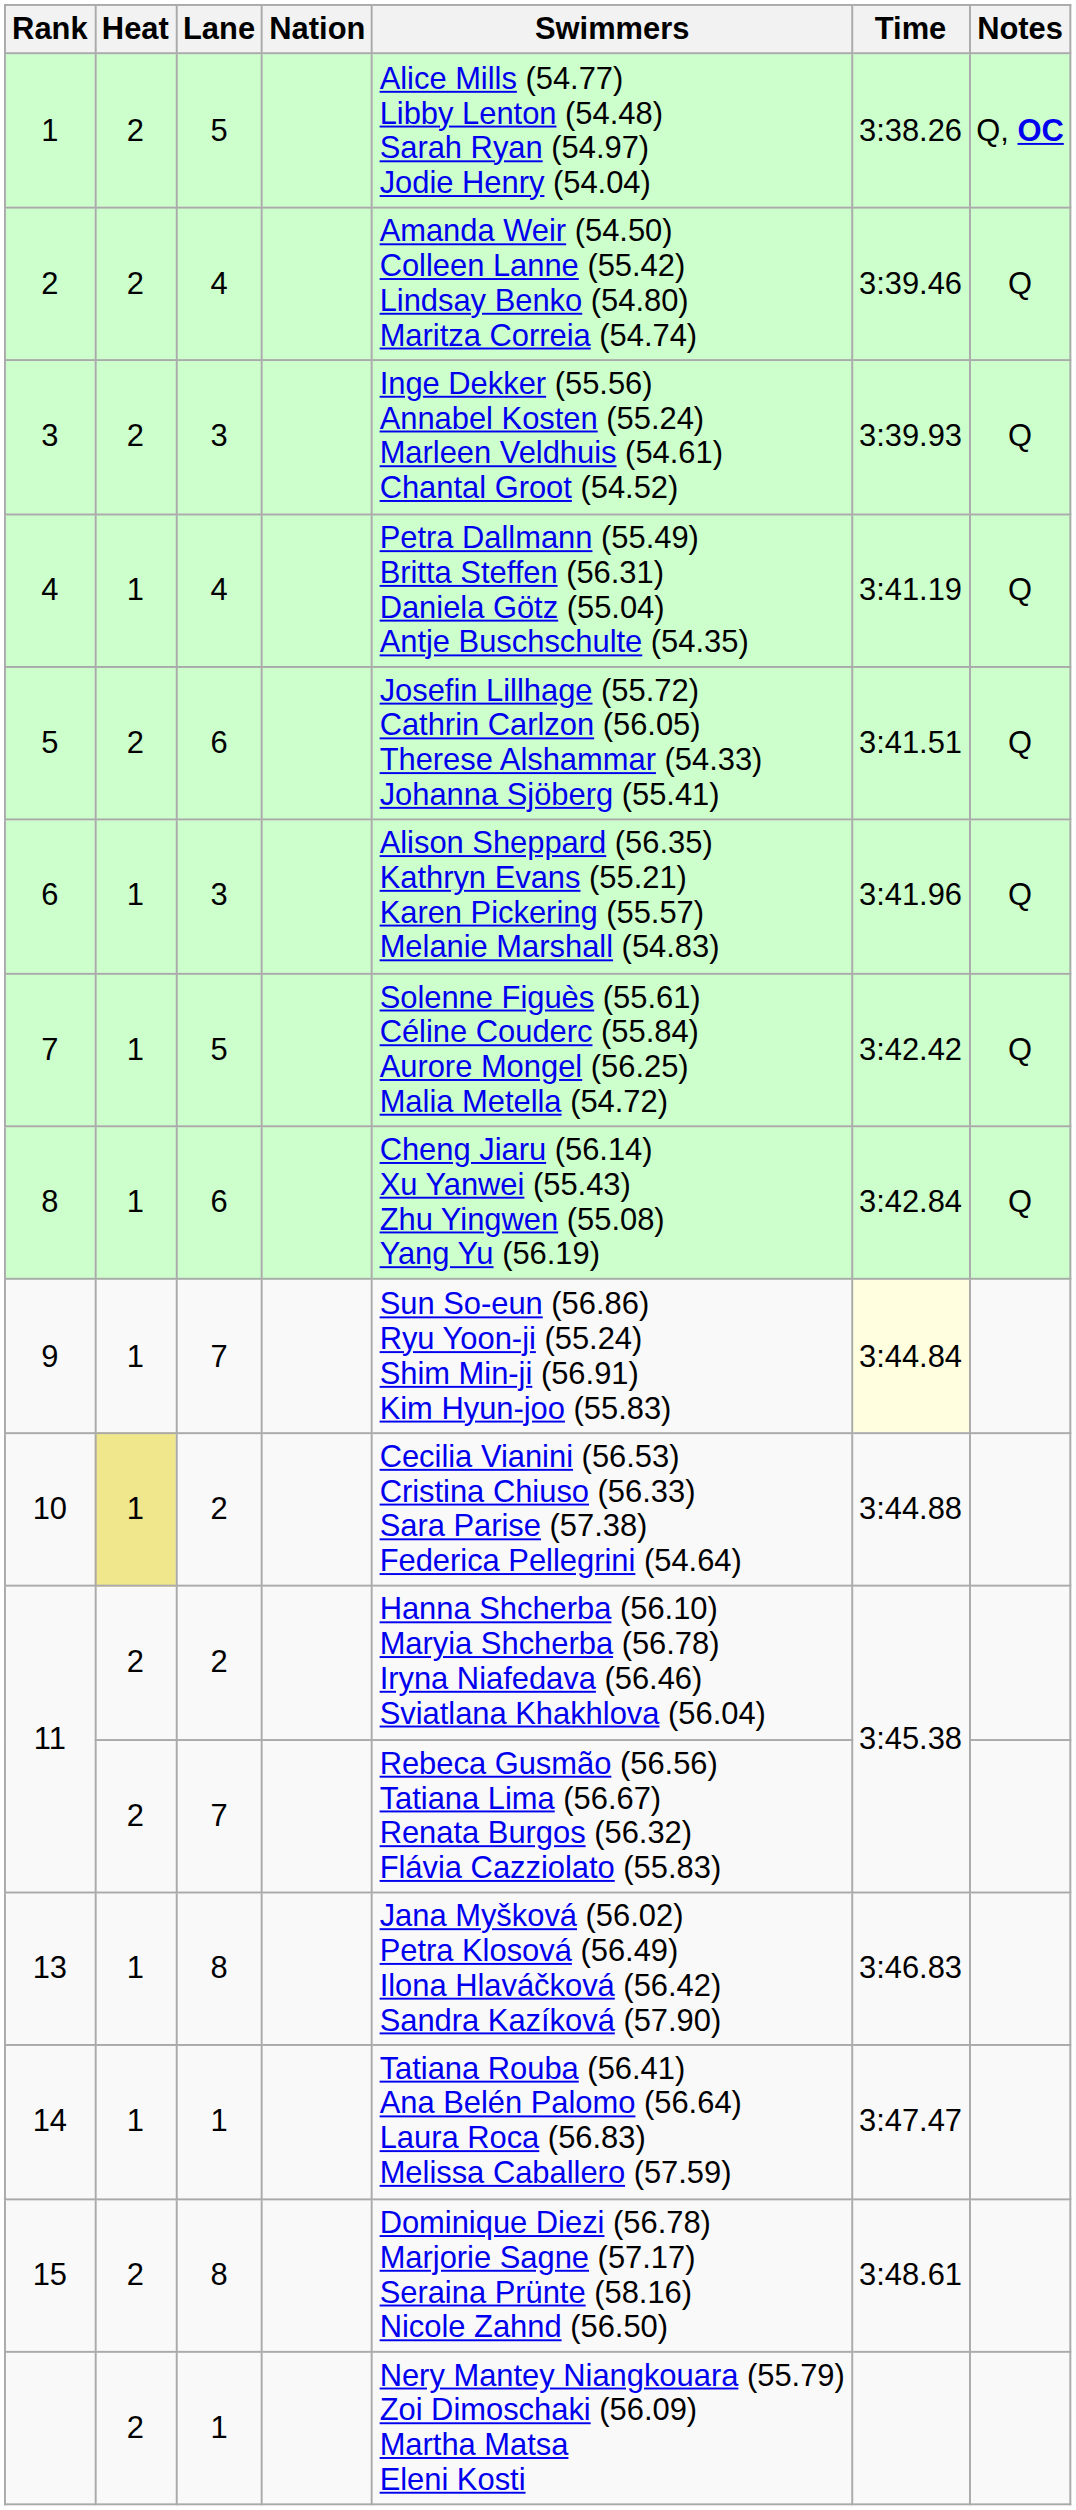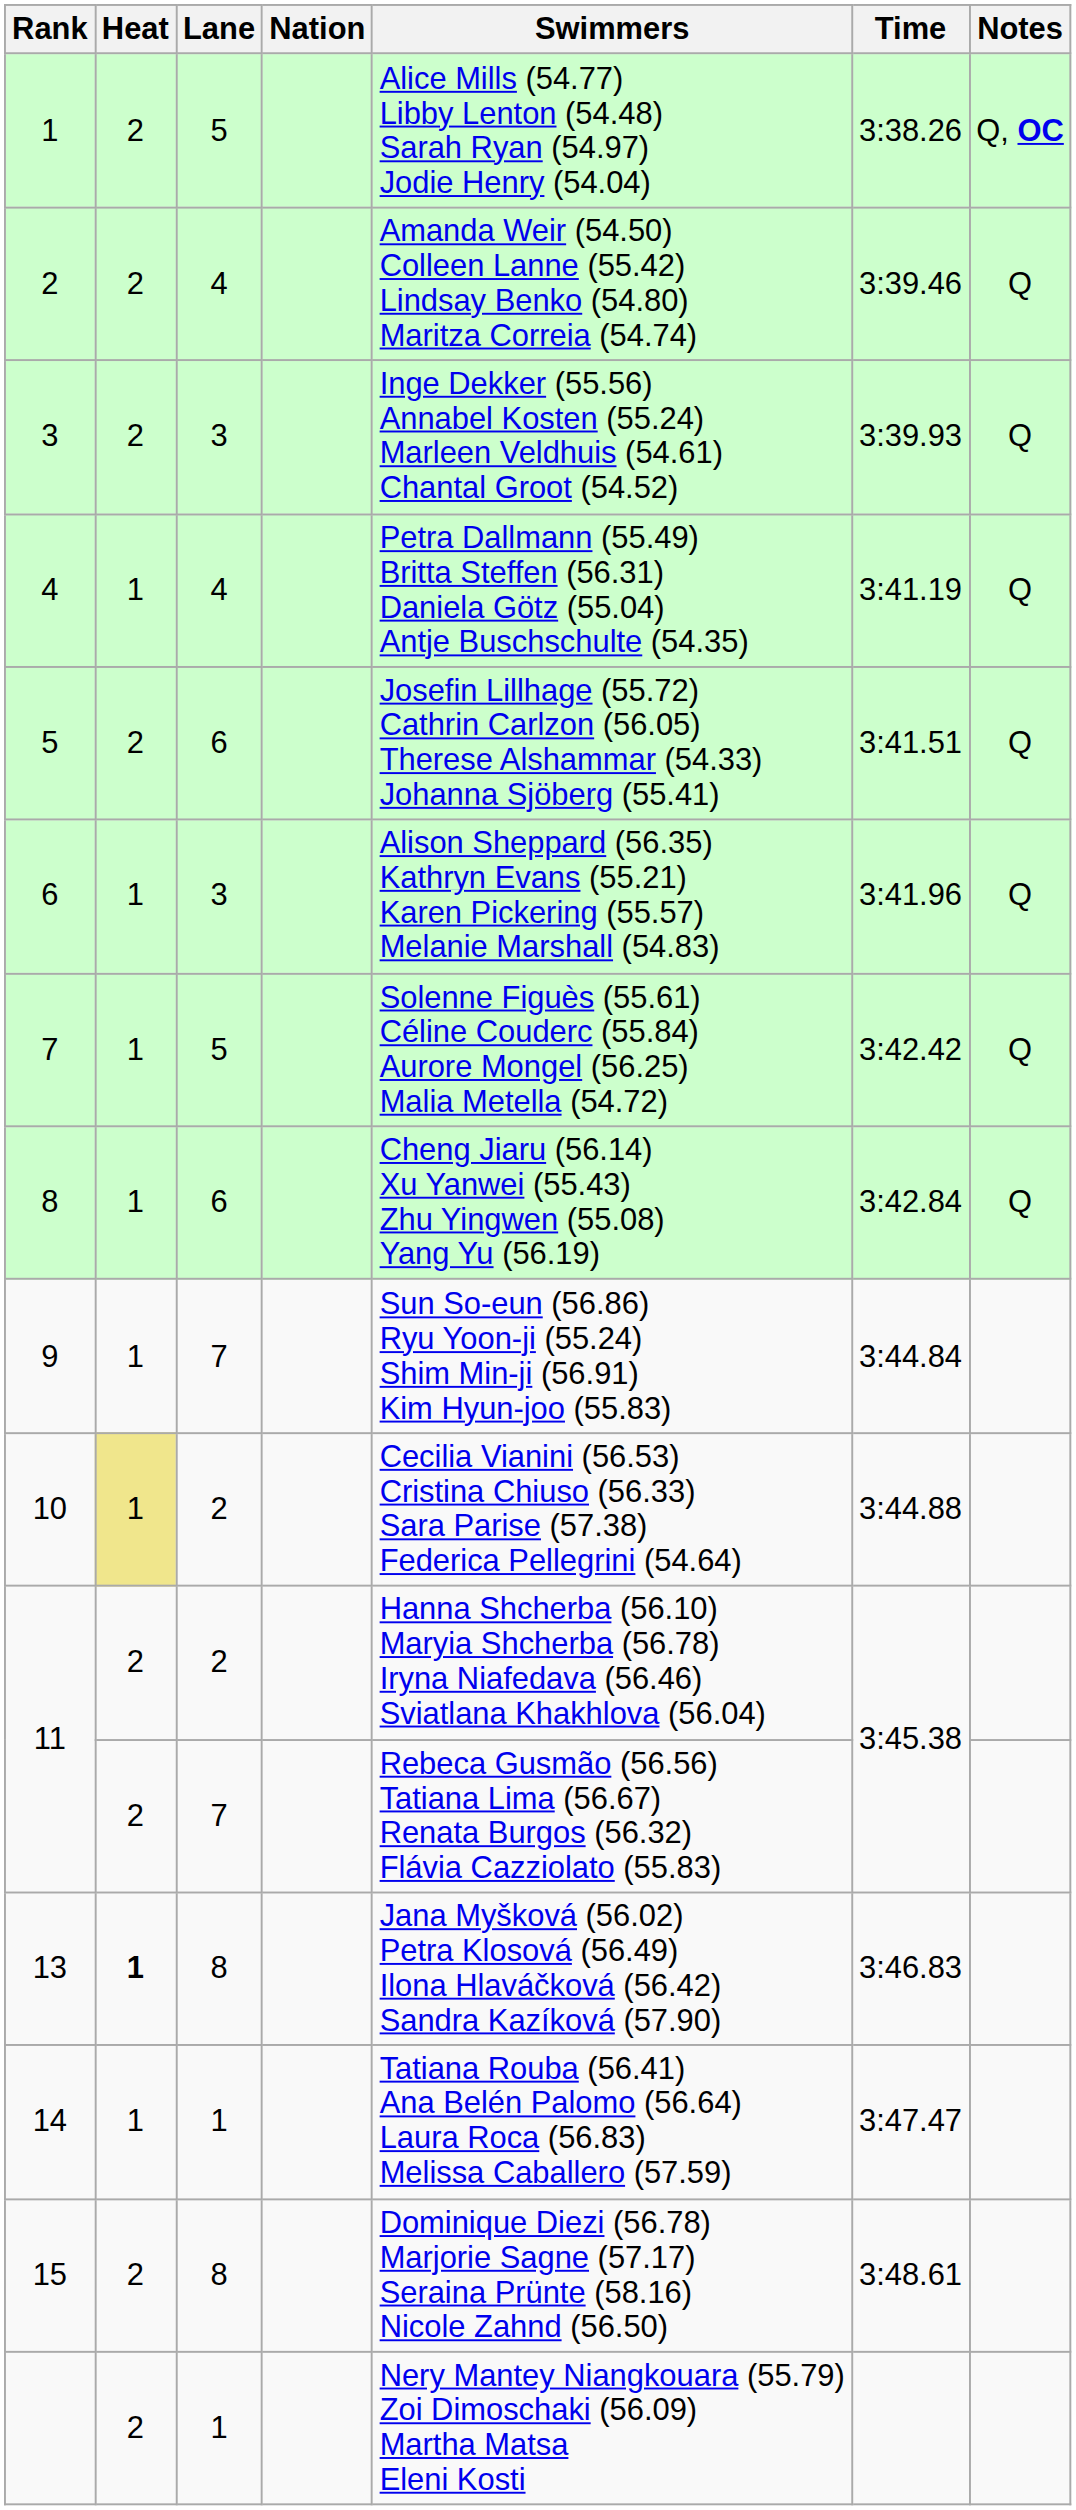 <table class="wikitable sortable" style="text-align:center">
 <tr>
 <th>Rank</th>
 <th>Heat</th>
 <th>Lane</th>
 <th>Nation</th>
 <th>Swimmers</th>
 <th>Time</th>
 <th>Notes</th>
 </tr>
 <tr bgcolor=#ccffcc>
 <td>1</td>
 <td>2</td>
 <td>5</td>
 <td align=left></td>
 <td align=left><a href='#'>Alice Mills</a> (54.77)<br><a href='#'>Libby Lenton</a> (54.48)<br><a href='#'>Sarah Ryan</a> (54.97)<br><a href='#'>Jodie Henry</a> (54.04)</td>
 <td>3:38.26</td>
 <td>Q, <strong><a href='#'>OC</a></strong></td>
 </tr>
 <tr bgcolor=#ccffcc>
 <td>2</td>
 <td>2</td>
 <td>4</td>
 <td align=left></td>
 <td align=left><a href='#'>Amanda Weir</a> (54.50)<br><a href='#'>Colleen Lanne</a> (55.42)<br><a href='#'>Lindsay Benko</a> (54.80)<br><a href='#'>Maritza Correia</a> (54.74)</td>
 <td>3:39.46</td>
 <td>Q</td>
 </tr>
 <tr bgcolor=#ccffcc>
 <td>3</td>
 <td>2</td>
 <td>3</td>
 <td align=left></td>
 <td align=left><a href='#'>Inge Dekker</a> (55.56)<br><a href='#'>Annabel Kosten</a> (55.24)<br><a href='#'>Marleen Veldhuis</a> (54.61)<br><a href='#'>Chantal Groot</a> (54.52)</td>
 <td>3:39.93</td>
 <td>Q</td>
 </tr>
 <tr bgcolor=#ccffcc>
 <td>4</td>
 <td>1</td>
 <td>4</td>
 <td align=left></td>
 <td align=left><a href='#'>Petra Dallmann</a> (55.49)<br><a href='#'>Britta Steffen</a> (56.31)<br><a href='#'>Daniela Götz</a> (55.04)<br><a href='#'>Antje Buschschulte</a> (54.35)</td>
 <td>3:41.19</td>
 <td>Q</td>
 </tr>
 <tr bgcolor=#ccffcc>
 <td>5</td>
 <td>2</td>
 <td>6</td>
 <td align=left></td>
 <td align=left><a href='#'>Josefin Lillhage</a> (55.72)<br><a href='#'>Cathrin Carlzon</a> (56.05)<br><a href='#'>Therese Alshammar</a> (54.33)<br><a href='#'>Johanna Sjöberg</a> (55.41)</td>
 <td>3:41.51</td>
 <td>Q</td>
 </tr>
 <tr bgcolor=#ccffcc>
 <td>6</td>
 <td>1</td>
 <td>3</td>
 <td align=left></td>
 <td align=left><a href='#'>Alison Sheppard</a> (56.35)<br><a href='#'>Kathryn Evans</a> (55.21)<br><a href='#'>Karen Pickering</a> (55.57)<br><a href='#'>Melanie Marshall</a> (54.83)</td>
 <td>3:41.96</td>
 <td>Q</td>
 </tr>
 <tr bgcolor=#ccffcc>
 <td>7</td>
 <td>1</td>
 <td>5</td>
 <td align=left></td>
 <td align=left><a href='#'>Solenne Figuès</a> (55.61)<br><a href='#'>Céline Couderc</a> (55.84)<br><a href='#'>Aurore Mongel</a> (56.25)<br><a href='#'>Malia Metella</a> (54.72)</td>
 <td>3:42.42</td>
 <td>Q</td>
 </tr>
 <tr bgcolor=#ccffcc>
 <td>8</td>
 <td>1</td>
 <td>6</td>
 <td align=left></td>
 <td align=left><a href='#'>Cheng Jiaru</a> (56.14)<br><a href='#'>Xu Yanwei</a> (55.43)<br><a href='#'>Zhu Yingwen</a> (55.08)<br><a href='#'>Yang Yu</a> (56.19)</td>
 <td>3:42.84</td>
 <td>Q</td>
 </tr>
 <tr>
 <td>9</td>
 <td>1</td>
 <td>7</td>
 <td align=left></td>
 <td align=left><a href='#'>Sun So-eun</a> (56.86)<br><a href='#'>Ryu Yoon-ji</a> (55.24)<br><a href='#'>Shim Min-ji</a> (56.91)<br><a href='#'>Kim Hyun-joo</a> (55.83)</td>
-<td style="background: lightyellow;">3:44.84</td>
+<td>3:44.84</td>
 <td></td>
 </tr>
 <tr>
 <td>10</td>
 <td style="background: khaki;">1</td>
 <td>2</td>
 <td align=left></td>
 <td align=left><a href='#'>Cecilia Vianini</a> (56.53)<br><a href='#'>Cristina Chiuso</a> (56.33)<br><a href='#'>Sara Parise</a> (57.38)<br><a href='#'>Federica Pellegrini</a> (54.64)</td>
 <td>3:44.88</td>
 <td></td>
 </tr>
 <tr>
 <td rowspan=2>11</td>
 <td>2</td>
 <td>2</td>
 <td align=left></td>
 <td align=left><a href='#'>Hanna Shcherba</a> (56.10)<br><a href='#'>Maryia Shcherba</a> (56.78)<br><a href='#'>Iryna Niafedava</a> (56.46)<br><a href='#'>Sviatlana Khakhlova</a> (56.04)</td>
 <td rowspan=2>3:45.38</td>
 <td></td>
 </tr>
 <tr>
 <td>2</td>
 <td>7</td>
 <td align=left></td>
 <td align=left><a href='#'>Rebeca Gusmão</a> (56.56)<br><a href='#'>Tatiana Lima</a> (56.67)<br><a href='#'>Renata Burgos</a> (56.32)<br><a href='#'>Flávia Cazziolato</a> (55.83)</td>
 <td></td>
 </tr>
 <tr>
 <td>13</td>
-<td>1</td>
+<td><strong>1</strong></td>
 <td>8</td>
 <td align=left></td>
 <td align=left><a href='#'>Jana Myšková</a> (56.02)<br><a href='#'>Petra Klosová</a> (56.49)<br><a href='#'>Ilona Hlaváčková</a> (56.42)<br><a href='#'>Sandra Kazíková</a> (57.90)</td>
 <td>3:46.83</td>
 <td></td>
 </tr>
 <tr>
 <td>14</td>
 <td>1</td>
 <td>1</td>
 <td align=left></td>
 <td align=left><a href='#'>Tatiana Rouba</a> (56.41)<br><a href='#'>Ana Belén Palomo</a> (56.64)<br><a href='#'>Laura Roca</a> (56.83)<br><a href='#'>Melissa Caballero</a> (57.59)</td>
 <td>3:47.47</td>
 <td></td>
 </tr>
 <tr>
 <td>15</td>
 <td>2</td>
 <td>8</td>
 <td align=left></td>
 <td align=left><a href='#'>Dominique Diezi</a> (56.78)<br><a href='#'>Marjorie Sagne</a> (57.17)<br><a href='#'>Seraina Prünte</a> (58.16)<br><a href='#'>Nicole Zahnd</a> (56.50)</td>
 <td>3:48.61</td>
 <td></td>
 </tr>
 <tr>
 <td></td>
 <td>2</td>
 <td>1</td>
 <td align=left></td>
 <td align=left><a href='#'>Nery Mantey Niangkouara</a> (55.79)<br><a href='#'>Zoi Dimoschaki</a> (56.09)<br><a href='#'>Martha Matsa</a><br><a href='#'>Eleni Kosti</a></td>
 <td></td>
 <td></td>
 </tr>
 </table>
